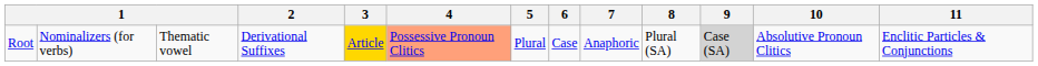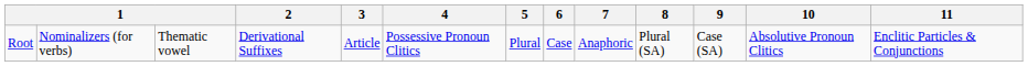 <table class="wikitable">
 <tr>
 <th colspan="3">1</th>
 <th>2</th>
 <th>3</th>
 <th>4</th>
 <th>5</th>
 <th>6</th>
 <th>7</th>
 <th>8</th>
 <th>9</th>
 <th>10</th>
 <th>11</th>
 </tr>
 <tr>
 <td><a href='#'>Root</a></td>
 <td><a href='#'>Nominalizers</a> (for verbs)</td>
 <td>Thematic vowel</td>
 <td><a href='#'>Derivational Suffixes</a></td>
-<td style="background: gold;"><a href='#'>Article</a></td>
-<td style="background: lightsalmon;"><a href='#'>Possessive Pronoun Clitics</a></td>
+<td><a href='#'>Article</a></td>
+<td><a href='#'>Possessive Pronoun Clitics</a></td>
 <td><a href='#'>Plural</a></td>
 <td><a href='#'>Case</a></td>
 <td><a href='#'>Anaphoric</a></td>
 <td>Plural (SA)</td>
-<td style="background: lightgrey;">Case (SA)</td>
+<td>Case (SA)</td>
 <td><a href='#'>Absolutive Pronoun Clitics</a></td>
 <td><a href='#'>Enclitic Particles & Conjunctions</a></td>
 </tr>
 </table>
